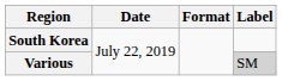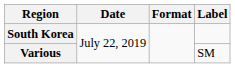 <table class="wikitable plainrowheaders">
 <tr>
 <th>Region</th>
 <th>Date</th>
 <th>Format</th>
 <th>Label</th>
 </tr>
 <tr>
 <th scope="row">South Korea</th>
 <td rowspan="2">July 22, 2019</td>
 <td rowspan="2"></td>
 <td></td>
 </tr>
 <tr>
 <th scope="row">Various</th>
-<td style="background: lightgrey;">SM</td>
+<td>SM</td>
 </tr>
 </table>
